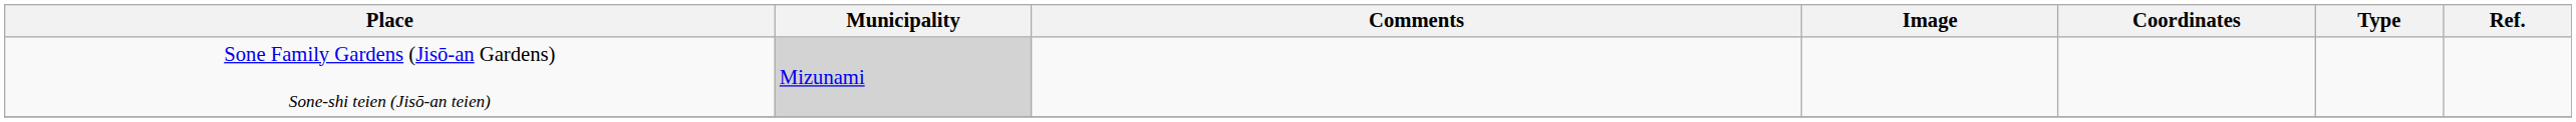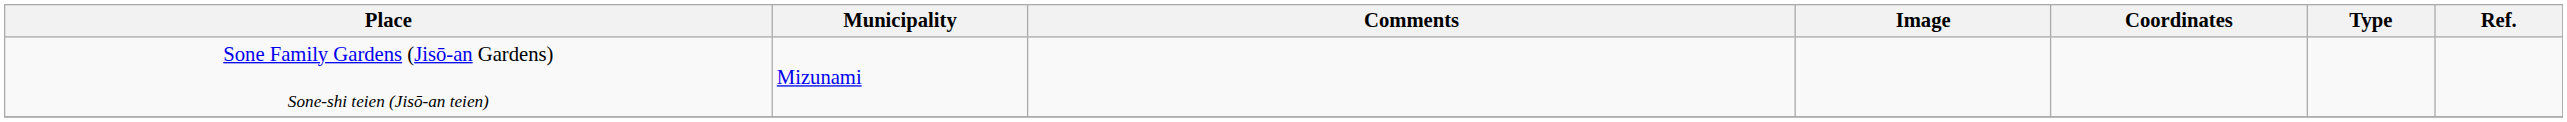 <table class="wikitable sortable"  style="width:100%;">
 <tr>
 <th width="30%" align="left">Place</th>
 <th width="10%" align="left">Municipality</th>
 <th width="30%" align="left" class="unsortable">Comments</th>
 <th width="10%" align="left"  class="unsortable">Image</th>
 <th width="10%" align="left" class="unsortable">Coordinates</th>
 <th width="5%" align="left">Type</th>
 <th width="5%" align="left"  class="unsortable">Ref.</th>
 </tr>
 <tr>
 <td align="center"><a href='#'>Sone Family Gardens</a> (<a href='#'>Jisō-an</a> Gardens)<br><br><small><em>Sone-shi teien (Jisō-an teien)</em></small></td>
-<td style="background: lightgrey;"><a href='#'>Mizunami</a></td>
+<td><a href='#'>Mizunami</a></td>
 <td></td>
 <td></td>
 <td></td>
 <td></td>
 <td></td>
 </tr>
 <tr>
 </tr>
 </table>
